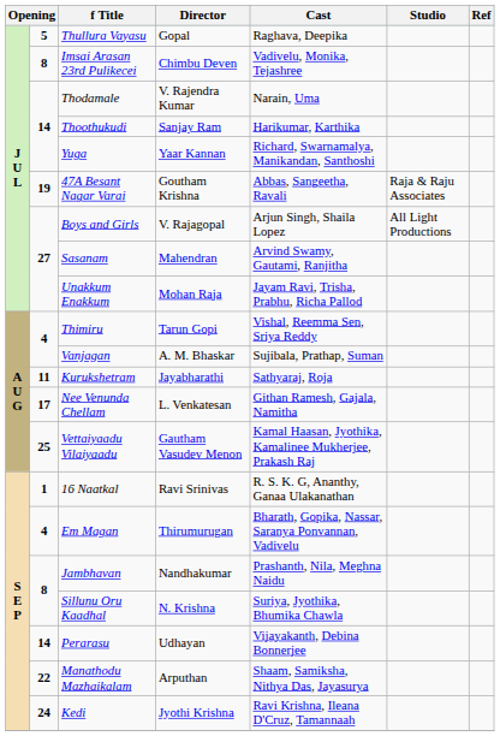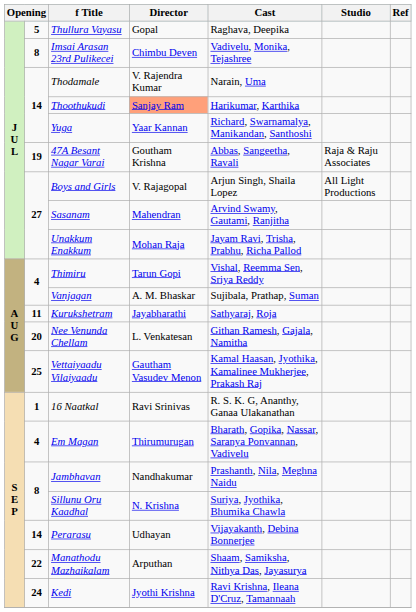 <table class="wikitable sortable">
 <tr style="background:#b0e0e6; text-align:center;">
 <th colspan="2">Opening</th>
 <th>f Title</th>
 <th>Director</th>
 <th>Cast</th>
 <th>Studio</th>
 <th>Ref</th>
 </tr>
 <tr July!>
 <td rowspan="9"   style="text-align:center; background:	#d0f0c0; textcolor:#000;"><strong>J<br>U<br>L</strong></td>
 <td style="text-align:center;"><strong>5</strong></td>
 <td><em><a href='#'>Thullura Vayasu</a></em></td>
 <td>Gopal</td>
 <td>Raghava, Deepika</td>
 <td></td>
 <td></td>
 </tr>
 <tr>
 <td style="text-align:center;"><strong>8</strong></td>
 <td><em><a href='#'>Imsai Arasan 23rd Pulikecei</a></em></td>
 <td><a href='#'>Chimbu Deven</a></td>
 <td><a href='#'>Vadivelu</a>, <a href='#'>Monika</a>, <a href='#'>Tejashree</a></td>
 <td></td>
 <td></td>
 </tr>
 <tr>
 <td rowspan="3" style="text-align:center;"><strong>14</strong></td>
 <td><em>Thodamale</em></td>
 <td>V. Rajendra Kumar</td>
 <td>Narain, <a href='#'>Uma</a></td>
 <td></td>
 <td></td>
 </tr>
 <tr>
 <td><em><a href='#'>Thoothukudi</a></em></td>
-<td><a href='#'>Sanjay Ram</a></td>
+<td style="background: lightsalmon;"><a href='#'>Sanjay Ram</a></td>
 <td><a href='#'>Harikumar</a>, <a href='#'>Karthika</a></td>
 <td></td>
 <td></td>
 </tr>
 <tr>
 <td><em><a href='#'>Yuga</a></em></td>
 <td><a href='#'>Yaar Kannan</a></td>
 <td><a href='#'>Richard</a>, <a href='#'>Swarnamalya</a>, <a href='#'>Manikandan</a>, <a href='#'>Santhoshi</a></td>
 <td></td>
 <td></td>
 </tr>
 <tr>
 <td rowspan="1" style="text-align:center;"><strong>19</strong></td>
 <td><em><a href='#'>47A Besant Nagar Varai</a></em></td>
 <td>Goutham Krishna</td>
 <td><a href='#'>Abbas</a>, <a href='#'>Sangeetha</a>, <a href='#'>Ravali</a></td>
 <td>Raja & Raju Associates</td>
 <td></td>
 </tr>
 <tr>
 <td rowspan="3" style="text-align:center;"><strong>27</strong></td>
 <td><em><a href='#'>Boys and Girls</a></em></td>
 <td>V. Rajagopal</td>
 <td>Arjun Singh, Shaila Lopez</td>
 <td>All Light Productions</td>
 <td></td>
 </tr>
 <tr>
 <td><em><a href='#'>Sasanam</a></em></td>
 <td><a href='#'>Mahendran</a></td>
 <td><a href='#'>Arvind Swamy</a>, <a href='#'>Gautami</a>, <a href='#'>Ranjitha</a></td>
 <td></td>
 <td></td>
 </tr>
 <tr>
 <td><em><a href='#'>Unakkum Enakkum</a></em></td>
 <td><a href='#'>Mohan Raja</a></td>
 <td><a href='#'>Jayam Ravi</a>, <a href='#'>Trisha</a>, <a href='#'>Prabhu</a>, <a href='#'>Richa Pallod</a></td>
 <td></td>
 <td></td>
 </tr>
 <tr August!>
 <td rowspan="5"   style="text-align:center; background:#c2b280;"><strong>A<br>U<br>G</strong></td>
 <td rowspan="2" style="text-align:center;"><strong>4</strong></td>
 <td><em><a href='#'>Thimiru</a></em></td>
 <td><a href='#'>Tarun Gopi</a></td>
 <td><a href='#'>Vishal</a>, <a href='#'>Reemma Sen</a>, <a href='#'>Sriya Reddy</a></td>
 <td></td>
 <td></td>
 </tr>
 <tr>
 <td><em><a href='#'>Vanjagan</a></em></td>
 <td>A. M. Bhaskar</td>
 <td>Sujibala, Prathap, <a href='#'>Suman</a></td>
 <td></td>
 <td></td>
 </tr>
 <tr>
 <td style="text-align:center;"><strong>11</strong></td>
 <td><em><a href='#'>Kurukshetram</a></em></td>
 <td><a href='#'>Jayabharathi</a></td>
 <td><a href='#'>Sathyaraj</a>, <a href='#'>Roja</a></td>
 <td></td>
 <td></td>
 </tr>
 <tr>
-<td style="text-align:center;"><strong>17</strong></td>
+<td style="text-align:center;"><strong>20</strong></td>
 <td><em><a href='#'>Nee Venunda Chellam</a></em></td>
 <td>L. Venkatesan</td>
 <td><a href='#'>Githan Ramesh</a>, <a href='#'>Gajala</a>, <a href='#'>Namitha</a></td>
 <td></td>
 <td></td>
 </tr>
 <tr>
 <td style="text-align:center;"><strong>25</strong></td>
 <td><em><a href='#'>Vettaiyaadu Vilaiyaadu</a></em></td>
 <td><a href='#'>Gautham Vasudev Menon</a></td>
 <td><a href='#'>Kamal Haasan</a>, <a href='#'>Jyothika</a>, <a href='#'>Kamalinee Mukherjee</a>, <a href='#'>Prakash Raj</a></td>
 <td></td>
 <td></td>
 </tr>
 <tr September!>
 <td rowspan="7"   style="text-align:center; background:wheat; textcolor:#000;"><strong>S<br>E<br>P</strong></td>
 <td style="text-align:center;"><strong>1</strong></td>
 <td><em>16 Naatkal</em></td>
 <td>Ravi Srinivas</td>
 <td>R. S. K. G, Ananthy, Ganaa Ulakanathan</td>
 <td></td>
 <td></td>
 </tr>
 <tr>
 <td style="text-align:center;"><strong>4</strong></td>
 <td><em><a href='#'>Em Magan</a></em></td>
 <td><a href='#'>Thirumurugan</a></td>
 <td><a href='#'>Bharath</a>, <a href='#'>Gopika</a>, <a href='#'>Nassar</a>, <a href='#'>Saranya Ponvannan</a>, <a href='#'>Vadivelu</a></td>
 <td></td>
 <td></td>
 </tr>
 <tr>
 <td rowspan="2" style="text-align:center;"><strong>8</strong></td>
 <td><em><a href='#'>Jambhavan</a></em></td>
 <td>Nandhakumar</td>
 <td><a href='#'>Prashanth</a>, <a href='#'>Nila</a>, <a href='#'>Meghna Naidu</a></td>
 <td></td>
 <td></td>
 </tr>
 <tr>
 <td><em><a href='#'>Sillunu Oru Kaadhal</a></em></td>
 <td><a href='#'>N. Krishna</a></td>
 <td><a href='#'>Suriya</a>, <a href='#'>Jyothika</a>, <a href='#'>Bhumika Chawla</a></td>
 <td></td>
 <td></td>
 </tr>
 <tr>
 <td style="text-align:center;"><strong>14</strong></td>
 <td><em><a href='#'>Perarasu</a></em></td>
 <td>Udhayan</td>
 <td><a href='#'>Vijayakanth</a>, <a href='#'>Debina Bonnerjee</a></td>
 <td></td>
 <td></td>
 </tr>
 <tr>
 <td style="text-align:center;"><strong>22</strong></td>
 <td><em><a href='#'>Manathodu Mazhaikalam</a></em></td>
 <td>Arputhan</td>
 <td><a href='#'>Shaam</a>, <a href='#'>Samiksha</a>, <a href='#'>Nithya Das</a>, <a href='#'>Jayasurya</a></td>
 <td></td>
 <td></td>
 </tr>
 <tr>
 <td style="text-align:center;"><strong>24</strong></td>
 <td><em><a href='#'>Kedi</a></em></td>
 <td><a href='#'>Jyothi Krishna</a></td>
 <td><a href='#'>Ravi Krishna</a>, <a href='#'>Ileana D'Cruz</a>, <a href='#'>Tamannaah</a></td>
 <td></td>
 <td></td>
 </tr>
 <tr>
 </tr>
 </table>
